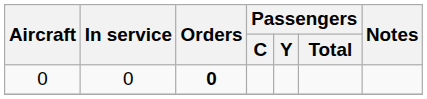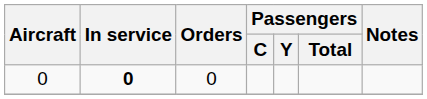 <table class="wikitable" style="border-collapse:collapse;text-align:center">
 <tr>
 <th rowspan="2">Aircraft</th>
 <th rowspan="2">In service</th>
 <th rowspan="2">Orders</th>
 <th colspan="3">Passengers</th>
 <th rowspan="2">Notes</th>
 </tr>
 <tr>
 <th><abbr>C</abbr></th>
 <th><abbr>Y</abbr></th>
 <th>Total</th>
 </tr>
 <tr>
 <td>0</td>
+<td><strong>0</strong></td>
 <td>0</td>
-<td><strong>0</strong></td>
 <td></td>
 <td></td>
 <td></td>
 <td></td>
 </tr>
 <tr>
 </tr>
 </table>
